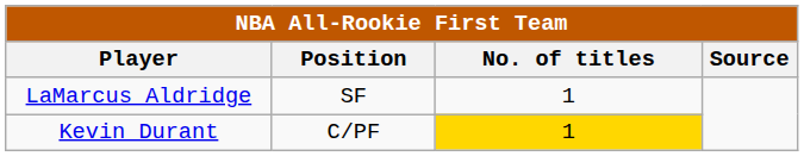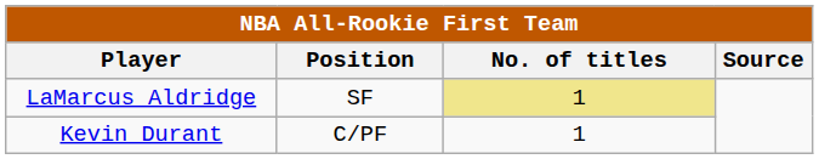 <table class="wikitable" style="text-align:center">
 <tr>
 <td colspan="5" style= "background: #BF5700; color:white"><strong>NBA All-Rookie First Team</strong></td>
 </tr>
 <tr>
 <th style="width:150px; ">Player</th>
 <th style="width:90px; ">Position</th>
 <th style="width:150px; ">No. of titles</th>
 <th style="width:50px; ">Source</th>
 </tr>
 <tr>
 <td><a href='#'>LaMarcus Aldridge</a></td>
 <td>SF</td>
-<td>1</td>
+<td style="background: khaki;">1</td>
 <td rowspan="2"></td>
 </tr>
 <tr>
 <td><a href='#'>Kevin Durant</a></td>
 <td>C/PF</td>
-<td style="background: gold;">1</td>
+<td>1</td>
 </tr>
 </table>
